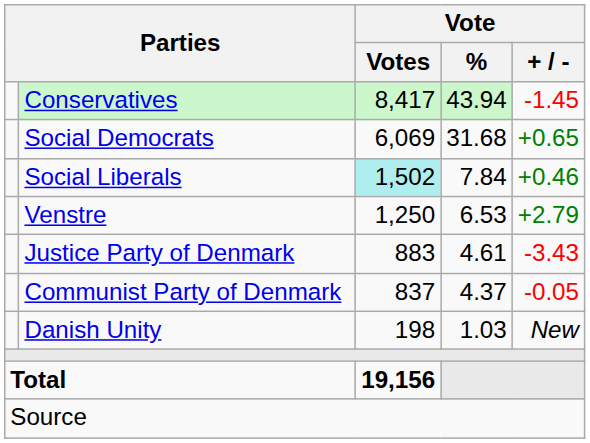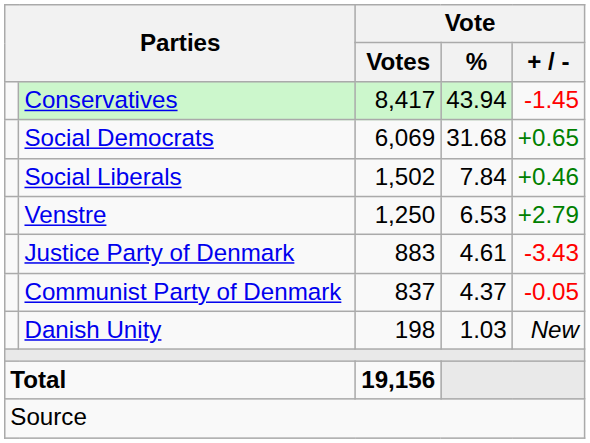 <table class="wikitable" style="text-align:right;">
 <tr>
 <th style="text-align:centre;" rowspan="2" colspan="2" width="225">Parties</th>
 <th colspan="3">Vote</th>
 </tr>
 <tr>
 <th width="15">Votes</th>
 <th width="15">%</th>
 <th width="15">+ / -</th>
 </tr>
 <tr>
 <td width="2" style="color:inherit;background:"></td>
 <td bgcolor=#ccf7cc  align="left"><a href='#'>Conservatives</a></td>
 <td bgcolor=#ccf7cc>8,417</td>
 <td bgcolor=#ccf7cc>43.94</td>
 <td style=color:red;>-1.45</td>
 </tr>
 <tr>
 <td width="2" style="color:inherit;background:"></td>
 <td align="left"><a href='#'>Social Democrats</a></td>
 <td>6,069</td>
 <td>31.68</td>
 <td style=color:green;>+0.65</td>
 </tr>
 <tr>
 <td width="2" style="color:inherit;background:"></td>
 <td align="left"><a href='#'>Social Liberals</a></td>
-<td style="background: paleturquoise;">1,502</td>
+<td>1,502</td>
 <td>7.84</td>
 <td style=color:green;>+0.46</td>
 </tr>
 <tr>
 <td width="2" style="color:inherit;background:"></td>
 <td align="left"><a href='#'>Venstre</a></td>
 <td>1,250</td>
 <td>6.53</td>
 <td style=color:green;>+2.79</td>
 </tr>
 <tr>
 <td width="2" style="color:inherit;background:"></td>
 <td align="left"><a href='#'>Justice Party of Denmark</a></td>
 <td>883</td>
 <td>4.61</td>
 <td style=color:red;>-3.43</td>
 </tr>
 <tr>
 <td width="2" style="color:inherit;background:"></td>
 <td align="left"><a href='#'>Communist Party of Denmark</a></td>
 <td>837</td>
 <td>4.37</td>
 <td style=color:red;>-0.05</td>
 </tr>
 <tr>
 <td width="2" style="color:inherit;background:"></td>
 <td align="left"><a href='#'>Danish Unity</a></td>
 <td>198</td>
 <td>1.03</td>
 <td><em>New</em></td>
 </tr>
 <tr>
 <td colspan="7" bgcolor="#E9E9E9"></td>
 </tr>
 <tr>
 <td align="left" colspan="2"><strong>Total</strong></td>
 <td><strong>19,156</strong></td>
 <td bgcolor="#E9E9E9" colspan="2"></td>
 </tr>
 <tr>
 <td align="left" colspan="6">Source</td>
 </tr>
 </table>
